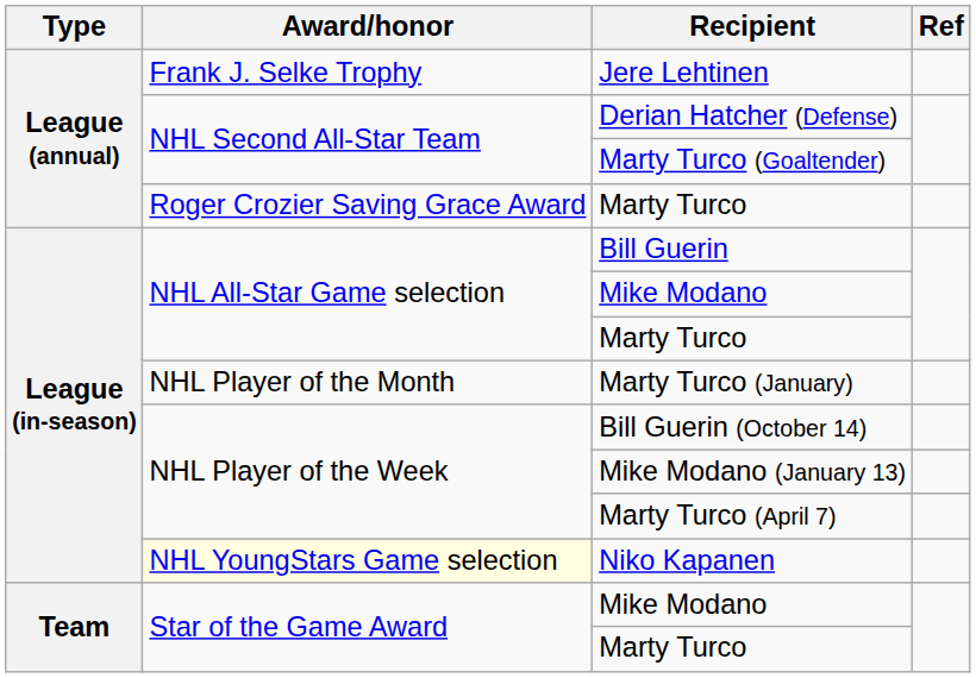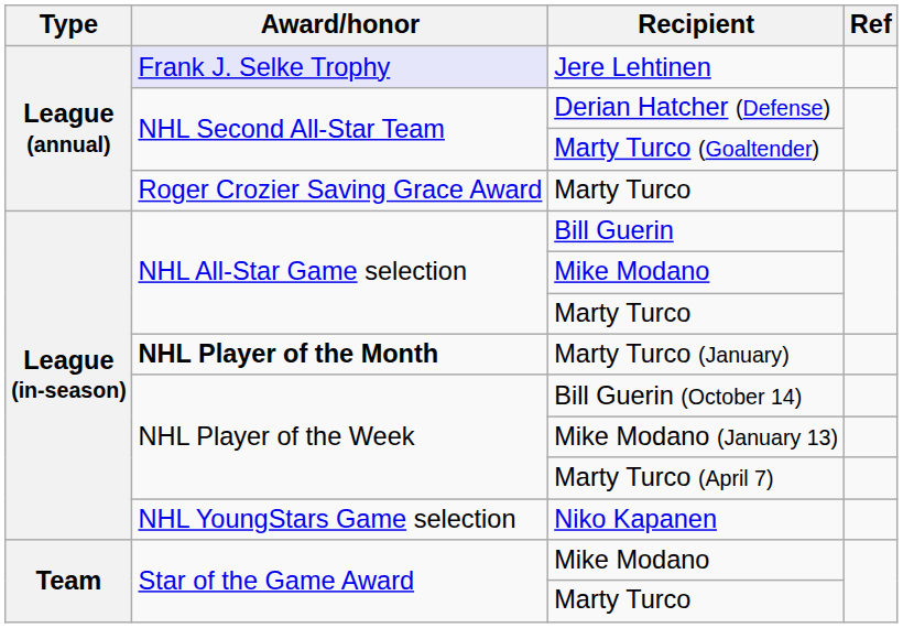 <table class="wikitable">
 <tr>
 <th scope="col">Type</th>
 <th scope="col">Award/honor</th>
 <th scope="col">Recipient</th>
 <th scope="col">Ref</th>
 </tr>
 <tr>
 <th scope="row" rowspan="4">League<br><small>(annual)</small></th>
-<td><a href='#'>Frank J. Selke Trophy</a></td>
+<td style="background: lavender;"><a href='#'>Frank J. Selke Trophy</a></td>
 <td><a href='#'>Jere Lehtinen</a></td>
 <td></td>
 </tr>
 <tr>
 <td rowspan="2"><a href='#'>NHL Second All-Star Team</a></td>
 <td><a href='#'>Derian Hatcher</a> <small>(<a href='#'>Defense</a>)</small></td>
 <td rowspan="2"></td>
 </tr>
 <tr>
 <td><a href='#'>Marty Turco</a> <small>(<a href='#'>Goaltender</a>)</small></td>
 </tr>
 <tr>
 <td><a href='#'>Roger Crozier Saving Grace Award</a></td>
 <td>Marty Turco</td>
 <td></td>
 </tr>
 <tr>
 <th scope="row" rowspan="8">League<br><small>(in-season)</small></th>
 <td rowspan="3"><a href='#'>NHL All-Star Game</a> selection</td>
 <td><a href='#'>Bill Guerin</a></td>
 <td rowspan="3"></td>
 </tr>
 <tr>
 <td><a href='#'>Mike Modano</a></td>
 </tr>
 <tr>
 <td>Marty Turco</td>
 </tr>
 <tr>
-<td>NHL Player of the Month</td>
+<td><strong>NHL Player of the Month</strong></td>
 <td>Marty Turco <small>(January)</small></td>
 <td></td>
 </tr>
 <tr>
 <td rowspan="3">NHL Player of the Week</td>
 <td>Bill Guerin <small>(October 14)</small></td>
 <td></td>
 </tr>
 <tr>
 <td>Mike Modano <small>(January 13)</small></td>
 <td></td>
 </tr>
 <tr>
 <td>Marty Turco <small>(April 7)</small></td>
 <td></td>
 </tr>
 <tr>
-<td style="background: lightyellow;"><a href='#'>NHL YoungStars Game</a> selection</td>
+<td><a href='#'>NHL YoungStars Game</a> selection</td>
 <td><a href='#'>Niko Kapanen</a></td>
 <td></td>
 </tr>
 <tr>
 <th scope="row" rowspan="2">Team</th>
 <td rowspan="2"><a href='#'>Star of the Game Award</a></td>
 <td>Mike Modano</td>
 <td rowspan="2"></td>
 </tr>
 <tr>
 <td>Marty Turco</td>
 </tr>
 </table>
